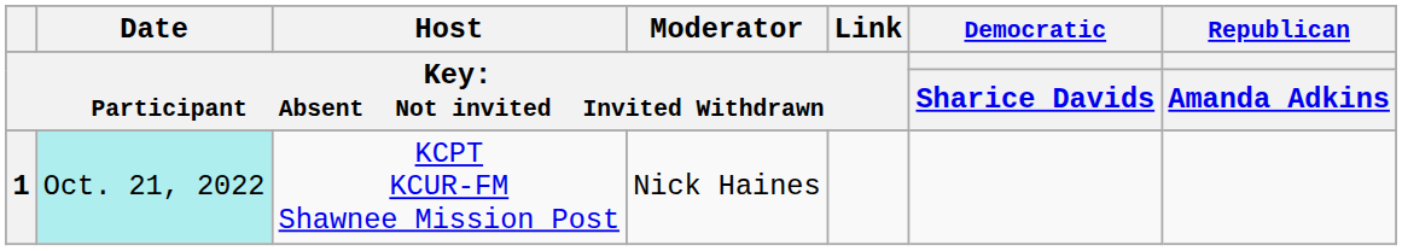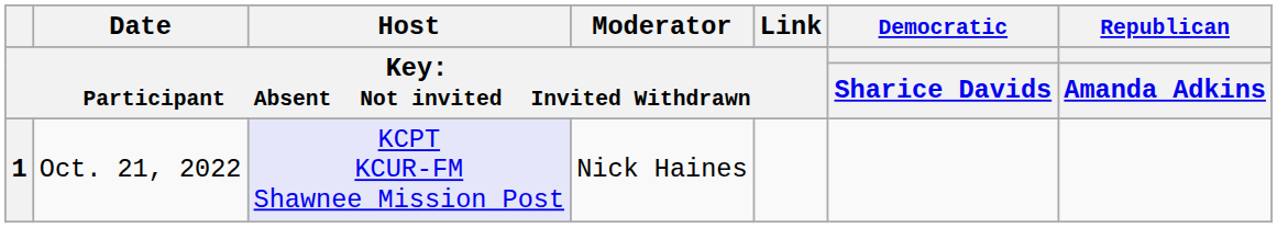 <table class="wikitable" style="text-align:center;">
 <tr>
 <th scope="col"></th>
 <th scope="col">Date</th>
 <th scope="col">Host</th>
 <th scope="col">Moderator</th>
 <th scope="col">Link</th>
 <th scope="col"><small><a href='#'>Democratic</a></small></th>
 <th scope="col"><small><a href='#'>Republican</a></small></th>
 </tr>
 <tr>
 <th colspan="5" rowspan="2">Key:<br> <small>Participant </small>  <small>Absent </small>  <small>Not invited </small>  <small>Invited  Withdrawn</small></th>
 <th scope="col" style="background:"></th>
 <th scope="col" style="background:"></th>
 </tr>
 <tr>
 <th scope="col"><a href='#'>Sharice Davids</a></th>
 <th scope="col"><a href='#'>Amanda Adkins</a></th>
 </tr>
 <tr>
 <th>1</th>
-<td style="background: paleturquoise; white-space:nowrap;">Oct. 21, 2022</td>
-<td style="white-space:nowrap;"><a href='#'>KCPT</a><br><a href='#'>KCUR-FM</a><br><a href='#'>Shawnee Mission Post</a></td>
+<td style="white-space:nowrap;">Oct. 21, 2022</td>
+<td style="background: lavender; white-space:nowrap;"><a href='#'>KCPT</a><br><a href='#'>KCUR-FM</a><br><a href='#'>Shawnee Mission Post</a></td>
 <td style="white-space:nowrap;">Nick Haines</td>
 <td style="white-space:nowrap;"></td>
 <td></td>
 <td></td>
 </tr>
 </table>
